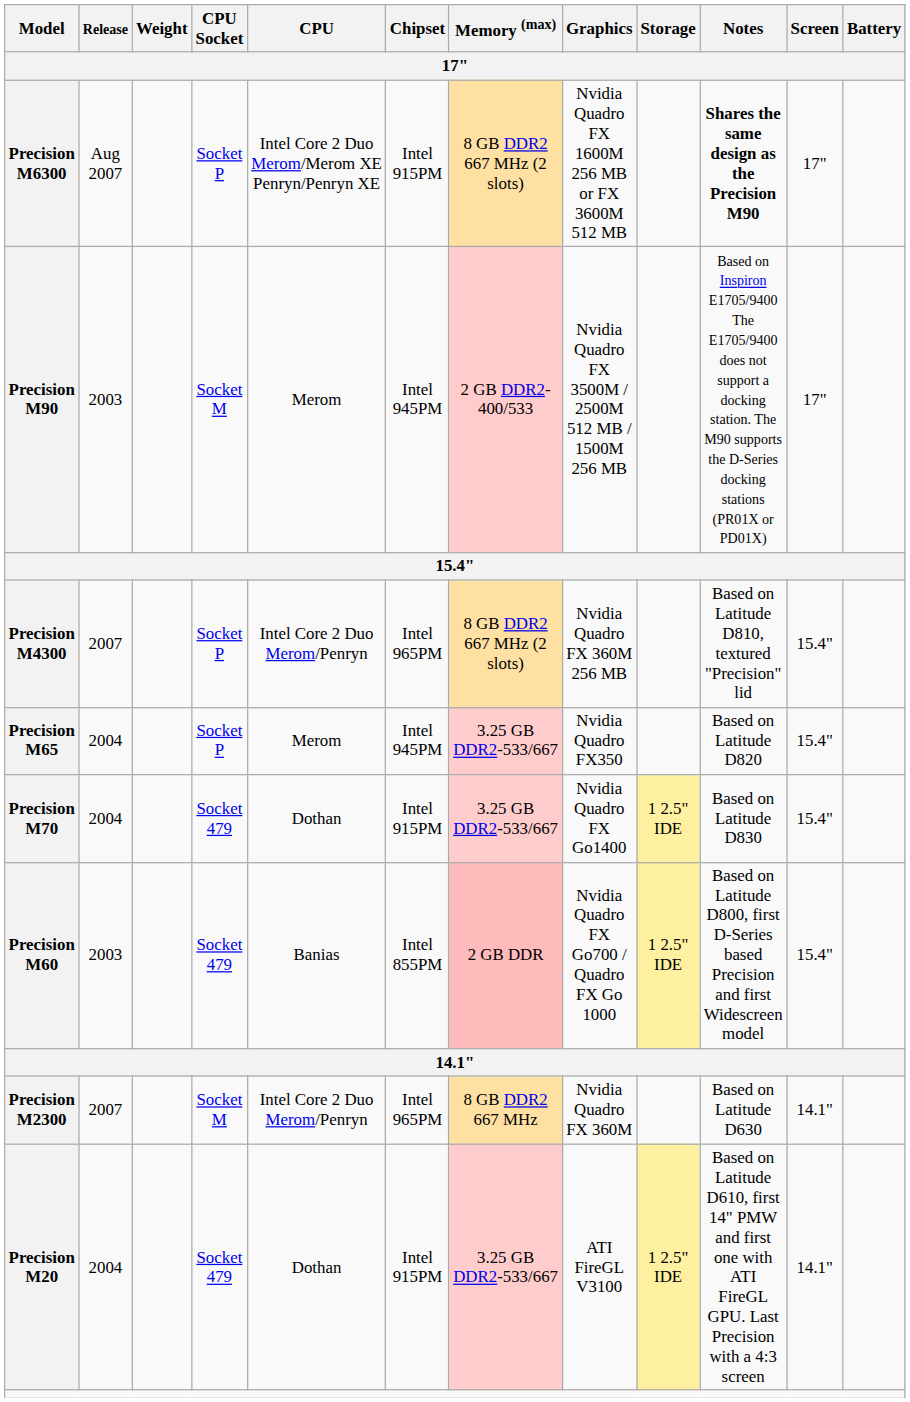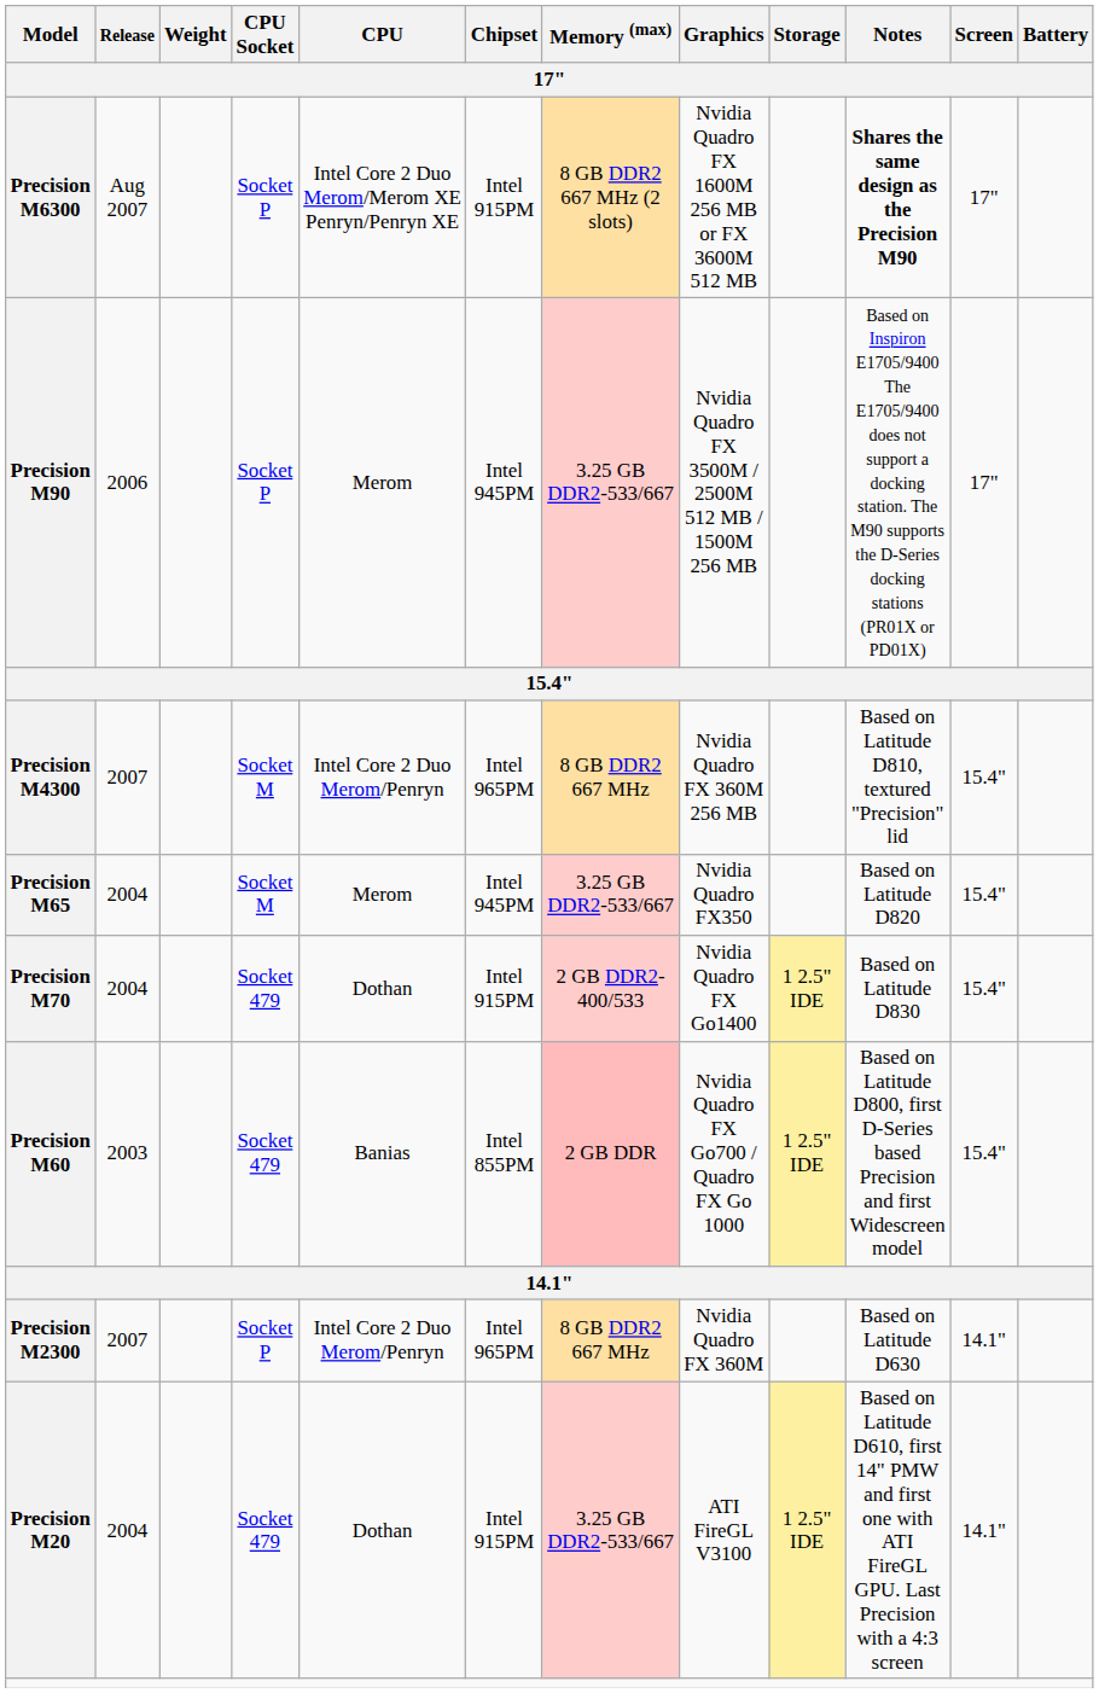 <table class="wikitable" style="font-size: 85%; text-align: center; width: 100%;">
 <tr>
 <th style="width:7%">Model</th>
 <th><small>Release</small></th>
 <th style="width:6%">Weight</th>
 <th>CPU Socket</th>
 <th style="width:17%">CPU</th>
 <th>Chipset</th>
 <th>Memory <sup>(max)</sup></th>
 <th>Graphics</th>
 <th>Storage</th>
 <th>Notes</th>
 <th>Screen</th>
 <th>Battery</th>
 </tr>
 <tr>
 <th colspan="12">17"</th>
 </tr>
 <tr>
 <th>Precision M6300</th>
 <td>Aug 2007</td>
 <td></td>
 <td><a href='#'>Socket P</a></td>
 <td style="background:">Intel Core 2 Duo <a href='#'>Merom</a>/Merom XE<br>Penryn/Penryn XE</td>
 <td>Intel 915PM</td>
 <td style="background:#fee0a3;">8 GB <a href='#'>DDR2</a> 667 MHz (2 slots)</td>
 <td style="background:">Nvidia Quadro<br>FX 1600M 256 MB<br>or FX 3600M 512 MB</td>
 <td></td>
 <td><strong>Shares the same design as the Precision M90</strong></td>
 <td>17"</td>
 <td></td>
 </tr>
 <tr>
 <th>Precision M90</th>
-<td>2003</td>
+<td>2006</td>
 <td></td>
-<td><a href='#'>Socket M</a></td>
+<td><a href='#'>Socket P</a></td>
 <td style="background:">Merom</td>
 <td>Intel 945PM</td>
-<td style="background:#ffcccc;">2 GB <a href='#'>DDR2</a>-400/533</td>
+<td style="background:#ffcccc;">3.25 GB <a href='#'>DDR2</a>-533/667</td>
 <td style="background:">Nvidia Quadro FX 3500M / 2500M 512 MB / 1500M 256 MB</td>
 <td></td>
 <td><small>Based on <a href='#'>Inspiron</a> E1705/9400 <br> The E1705/9400 does not support a docking station. The M90 supports the D-Series docking stations (PR01X or PD01X)</small></td>
 <td>17"</td>
 <td><br></td>
 </tr>
 <tr>
 <th colspan="12">15.4"</th>
 </tr>
 <tr>
 <th>Precision M4300</th>
 <td>2007</td>
 <td></td>
-<td><a href='#'>Socket P</a></td>
+<td><a href='#'>Socket M</a></td>
 <td style="background:">Intel Core 2 Duo <a href='#'>Merom</a>/Penryn</td>
 <td>Intel 965PM</td>
-<td style="background:#fee0a3;">8 GB <a href='#'>DDR2</a> 667 MHz (2 slots)</td>
+<td style="background:#fee0a3;">8 GB <a href='#'>DDR2</a> 667 MHz</td>
 <td style="background:">Nvidia Quadro FX 360M 256 MB</td>
 <td></td>
 <td>Based on Latitude D810, textured "Precision" lid</td>
 <td>15.4"</td>
 <td></td>
 </tr>
 <tr>
 <th>Precision M65</th>
 <td>2004</td>
 <td></td>
-<td><a href='#'>Socket P</a></td>
+<td><a href='#'>Socket M</a></td>
 <td style="background:">Merom</td>
 <td>Intel 945PM</td>
 <td style="background:#ffcccc;">3.25 GB <a href='#'>DDR2</a>-533/667</td>
 <td>Nvidia Quadro FX350</td>
 <td></td>
 <td>Based on Latitude D820</td>
 <td>15.4"</td>
 <td></td>
 </tr>
 <tr>
 <th>Precision M70</th>
 <td>2004</td>
 <td></td>
 <td><a href='#'>Socket 479</a></td>
 <td style="background:">Dothan</td>
 <td>Intel 915PM</td>
-<td style="background:#ffcccc;">3.25 GB <a href='#'>DDR2</a>-533/667</td>
+<td style="background:#ffcccc;">2 GB <a href='#'>DDR2</a>-400/533</td>
 <td style="background:">Nvidia Quadro FX Go1400</td>
 <td style="background:#fdf1a1;">1 2.5"<br>IDE</td>
 <td>Based on Latitude D830</td>
 <td>15.4"</td>
 <td><br></td>
 </tr>
 <tr>
 <th>Precision M60</th>
 <td>2003</td>
 <td></td>
 <td><a href='#'>Socket 479</a></td>
 <td style="background:">Banias</td>
 <td>Intel 855PM</td>
 <td style="background:#ffbbbb;">2 GB DDR</td>
 <td style="background:">Nvidia Quadro FX Go700 / Quadro FX Go 1000</td>
 <td style="background:#fdf1a1;">1 2.5"<br>IDE</td>
 <td>Based on Latitude D800, first D-Series based Precision and first Widescreen model</td>
 <td>15.4"</td>
 <td><br></td>
 </tr>
 <tr>
 <th colspan="12">14.1"</th>
 </tr>
 <tr>
 <th>Precision M2300</th>
 <td>2007</td>
 <td></td>
-<td><a href='#'>Socket M</a></td>
+<td><a href='#'>Socket P</a></td>
 <td style="background:">Intel Core 2 Duo <a href='#'>Merom</a>/Penryn</td>
 <td>Intel 965PM</td>
 <td style="background:#fee0a3;">8 GB <a href='#'>DDR2</a> 667 MHz</td>
 <td>Nvidia Quadro FX 360M</td>
 <td></td>
 <td>Based on Latitude D630</td>
 <td>14.1"</td>
 <td></td>
 </tr>
 <tr>
 <th>Precision M20</th>
 <td>2004</td>
 <td></td>
 <td><a href='#'>Socket 479</a></td>
 <td style="background:">Dothan</td>
 <td>Intel 915PM</td>
 <td style="background:#ffcccc;">3.25 GB <a href='#'>DDR2</a>-533/667</td>
 <td>ATI FireGL V3100</td>
 <td style="background:#fdf1a1;">1 2.5"<br>IDE</td>
 <td>Based on Latitude D610, first 14" PMW and first one with ATI FireGL GPU. Last Precision with a 4:3 screen</td>
 <td>14.1"</td>
 <td><br></td>
 </tr>
 <tr>
 <td colspan="12"></td>
 </tr>
 </table>
